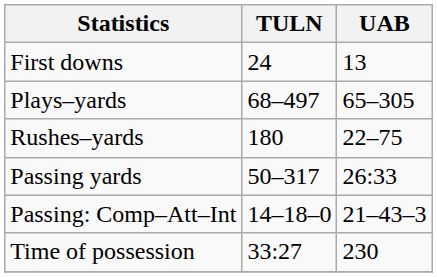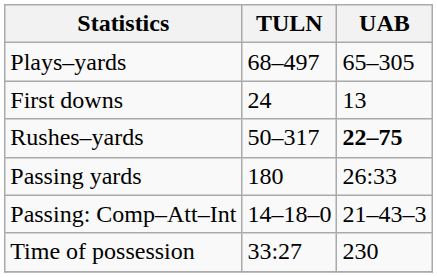 <table class="wikitable" style="float: left;">
 <tr>
 <th>Statistics</th>
 <th>TULN</th>
 <th>UAB</th>
 </tr>
 <tr>
+<td>Plays–yards</td>
+<td>68–497</td>
+<td>65–305</td>
+</tr>
+<tr>
 <td>First downs</td>
 <td>24</td>
 <td>13</td>
 </tr>
 <tr>
-<td>Plays–yards</td>
-<td>68–497</td>
-<td>65–305</td>
-</tr>
-<tr>
 <td>Rushes–yards</td>
-<td>180</td>
-<td>22–75</td>
+<td>50–317</td>
+<td><strong>22–75</strong></td>
 </tr>
 <tr>
 <td>Passing yards</td>
-<td>50–317</td>
+<td>180</td>
 <td>26:33</td>
 </tr>
 <tr>
 <td>Passing: Comp–Att–Int</td>
 <td>14–18–0</td>
 <td>21–43–3</td>
 </tr>
 <tr>
 <td>Time of possession</td>
 <td>33:27</td>
 <td>230</td>
 </tr>
 <tr>
 </tr>
 </table>
